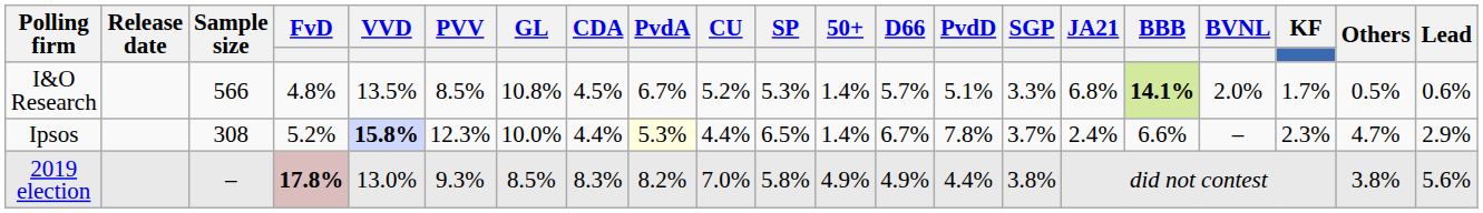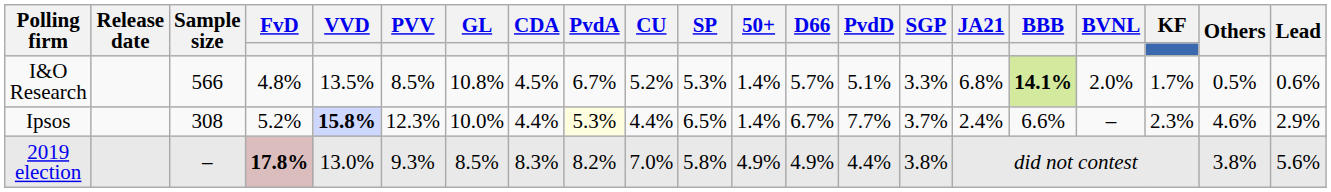 <table class="wikitable sortable tpl-blanktable" style="text-align:center;font-size:90%;line-height:14px;">
 <tr>
 <th rowspan="2">Polling firm</th>
 <th rowspan="2">Release<br>date</th>
 <th rowspan="2">Sample<br>size</th>
 <th class="unsortable" style="width:30px;"><a href='#'>FvD</a></th>
 <th class="unsortable" style="width:30px;"><a href='#'>VVD</a></th>
 <th class="unsortable" style="width:30px;"><a href='#'>PVV</a></th>
 <th class="unsortable" style="width:30px;"><a href='#'>GL</a></th>
 <th class="unsortable" style="width:30px;"><a href='#'>CDA</a></th>
 <th class="unsortable" style="width:30px;"><a href='#'>PvdA</a></th>
 <th class="unsortable" style="width:30px;"><a href='#'>CU</a></th>
 <th class="unsortable" style="width:30px;"><a href='#'>SP</a></th>
 <th class="unsortable" style="width:30px;"><a href='#'>50+</a></th>
 <th class="unsortable" style="width:30px;"><a href='#'>D66</a></th>
 <th class="unsortable" style="width:30px;"><a href='#'>PvdD</a></th>
 <th class="unsortable" style="width:30px;"><a href='#'>SGP</a></th>
 <th class="unsortable" style="width:30px;"><a href='#'>JA21</a></th>
 <th class="unsortable" style="width:30px;"><a href='#'>BBB</a></th>
 <th class="unsortable" style="width:30px;"><a href='#'>BVNL</a></th>
 <th class="unsortable" style="width:30px;">KF </th>
 <th class="unsortable" style="width:30px;" rowspan="2">Others</th>
 <th rowspan="2">Lead</th>
 </tr>
 <tr>
 <th data-sort-type="number" style="background:"></th>
 <th data-sort-type="number" style="background:"></th>
 <th data-sort-type="number" style="background:"></th>
 <th data-sort-type="number" style="background:"></th>
 <th data-sort-type="number" style="background:"></th>
 <th data-sort-type="number" style="background:"></th>
 <th data-sort-type="number" style="background:"></th>
 <th data-sort-type="number" style="background:"></th>
 <th data-sort-type="number" style="background:"></th>
 <th data-sort-type="number" style="background:"></th>
 <th data-sort-type="number" style="background:"></th>
 <th data-sort-type="number" style="background:"></th>
 <th data-sort-type="number" style="background:"></th>
 <th data-sort-type="number" style="background:"></th>
 <th data-sort-type="number" style="background:"></th>
 <th data-sort-type="number" style="background:#3A69AF;"></th>
 </tr>
 <tr>
 <td>I&O Research</td>
 <td></td>
 <td>566</td>
 <td>4.8%</td>
 <td>13.5%</td>
 <td>8.5%</td>
 <td>10.8%</td>
 <td>4.5%</td>
 <td>6.7%</td>
 <td>5.2%</td>
 <td>5.3%</td>
 <td>1.4%</td>
 <td>5.7%</td>
 <td>5.1%</td>
 <td>3.3%</td>
 <td>6.8%</td>
 <td style="background:#d3ea9e;"><strong>14.1%</strong></td>
 <td>2.0%</td>
 <td>1.7%</td>
 <td>0.5%</td>
 <td style="background:">0.6%</td>
 </tr>
 <tr>
 <td>Ipsos</td>
 <td></td>
 <td>308</td>
 <td>5.2%</td>
 <td style="background:#CED7FD;"><strong>15.8%</strong></td>
 <td>12.3%</td>
 <td>10.0%</td>
 <td>4.4%</td>
 <td style="background: lightyellow;">5.3%</td>
 <td>4.4%</td>
 <td>6.5%</td>
 <td>1.4%</td>
 <td>6.7%</td>
-<td>7.8%</td>
+<td>7.7%</td>
 <td>3.7%</td>
 <td>2.4%</td>
 <td>6.6%</td>
 <td>–</td>
 <td>2.3%</td>
-<td>4.7%</td>
+<td>4.6%</td>
 <td style="background:">2.9%</td>
 </tr>
 <tr style="background:#E9E9E9;">
 <td><a href='#'>2019 election</a></td>
 <td></td>
 <td>–</td>
 <td style="background:#DBBDBD;"><strong>17.8%</strong></td>
 <td>13.0%</td>
 <td>9.3%</td>
 <td>8.5%</td>
 <td>8.3%</td>
 <td>8.2%</td>
 <td>7.0%</td>
 <td>5.8%</td>
 <td>4.9%</td>
 <td>4.9%</td>
 <td>4.4%</td>
 <td>3.8%</td>
 <td colspan=4><em>did not contest</em></td>
 <td>3.8%</td>
 <td style="background:">5.6%</td>
 </tr>
 </table>
